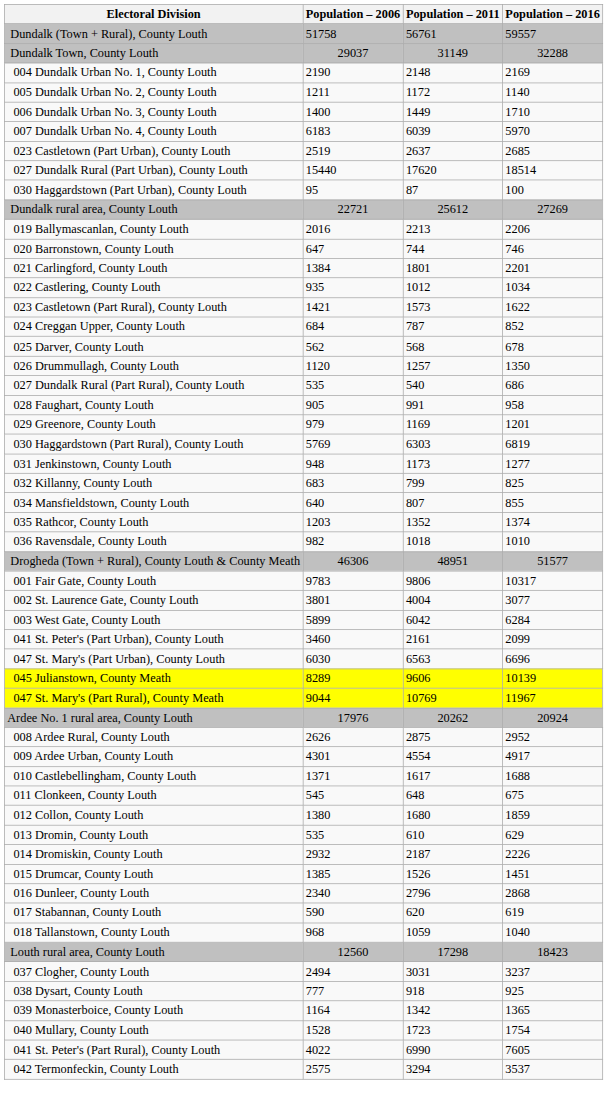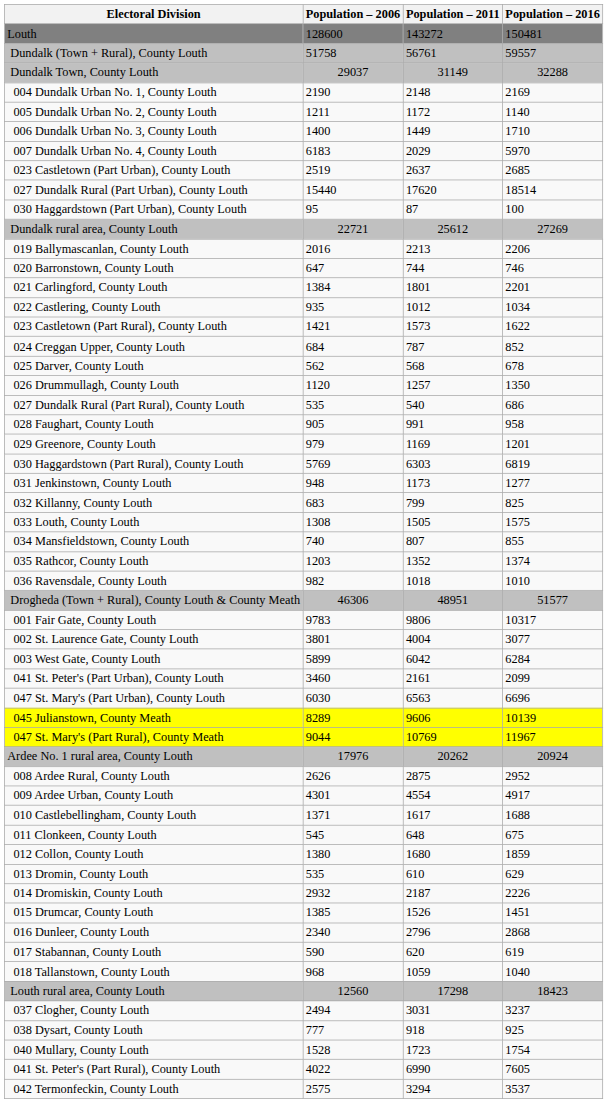 <table class="wikitable collapsible collapsed">
 <tr>
 <th align="left">Electoral Division</th>
 <th align="left">Population – 2006</th>
 <th align="left">Population – 2011</th>
 <th align="left">Population – 2016</th>
+</tr>
+<tr style="background: grey">
+<td>Louth</td>
+<td>128600</td>
+<td>143272</td>
+<td>150481</td>
 </tr>
 <tr style="background: silver">
 <td> Dundalk (Town + Rural), County Louth</td>
 <td>51758</td>
 <td>56761</td>
 <td>59557</td>
 </tr>
 <tr style="background: silver">
 <td> Dundalk Town, County Louth</td>
 <td align="center">29037</td>
 <td align="center">31149</td>
 <td align="center">32288</td>
 </tr>
 <tr>
 <td>  004 Dundalk Urban No. 1, County Louth</td>
 <td>2190</td>
 <td>2148</td>
 <td>2169</td>
 </tr>
 <tr>
 <td>  005 Dundalk Urban No. 2, County Louth</td>
 <td>1211</td>
 <td>1172</td>
 <td>1140</td>
 </tr>
 <tr>
 <td>  006 Dundalk Urban No. 3, County Louth</td>
 <td>1400</td>
 <td>1449</td>
 <td>1710</td>
 </tr>
 <tr>
 <td>  007 Dundalk Urban No. 4, County Louth</td>
 <td>6183</td>
-<td>6039</td>
+<td>2029</td>
 <td>5970</td>
 </tr>
 <tr>
 <td>  023 Castletown (Part Urban), County Louth</td>
 <td>2519</td>
 <td>2637</td>
 <td>2685</td>
 </tr>
 <tr>
 <td>  027 Dundalk Rural (Part Urban), County Louth</td>
 <td>15440</td>
 <td>17620</td>
 <td>18514</td>
 </tr>
 <tr>
 <td>  030 Haggardstown (Part Urban), County Louth</td>
 <td>95</td>
 <td>87</td>
 <td>100</td>
 </tr>
 <tr style="background: silver">
 <td> Dundalk rural area, County Louth</td>
 <td align="center">22721</td>
 <td align="center">25612</td>
 <td align="center">27269</td>
 </tr>
 <tr>
 <td>  019 Ballymascanlan, County Louth</td>
 <td>2016</td>
 <td>2213</td>
 <td>2206</td>
 </tr>
 <tr>
 <td>  020 Barronstown, County Louth</td>
 <td>647</td>
 <td>744</td>
 <td>746</td>
 </tr>
 <tr>
 <td>  021 Carlingford, County Louth</td>
 <td>1384</td>
 <td>1801</td>
 <td>2201</td>
 </tr>
 <tr>
 <td>  022 Castlering, County Louth</td>
 <td>935</td>
 <td>1012</td>
 <td>1034</td>
 </tr>
 <tr>
 <td>  023 Castletown (Part Rural), County Louth</td>
 <td>1421</td>
 <td>1573</td>
 <td>1622</td>
 </tr>
 <tr>
 <td>  024 Creggan Upper, County Louth</td>
 <td>684</td>
 <td>787</td>
 <td>852</td>
 </tr>
 <tr>
 <td>  025 Darver, County Louth</td>
 <td>562</td>
 <td>568</td>
 <td>678</td>
 </tr>
 <tr>
 <td>  026 Drummullagh, County Louth</td>
 <td>1120</td>
 <td>1257</td>
 <td>1350</td>
 </tr>
 <tr>
 <td>  027 Dundalk Rural (Part Rural), County Louth</td>
 <td>535</td>
 <td>540</td>
 <td>686</td>
 </tr>
 <tr>
 <td>  028 Faughart, County Louth</td>
 <td>905</td>
 <td>991</td>
 <td>958</td>
 </tr>
 <tr>
 <td>  029 Greenore, County Louth</td>
 <td>979</td>
 <td>1169</td>
 <td>1201</td>
 </tr>
 <tr>
 <td>  030 Haggardstown (Part Rural), County Louth</td>
 <td>5769</td>
 <td>6303</td>
 <td>6819</td>
 </tr>
 <tr>
 <td>  031 Jenkinstown, County Louth</td>
 <td>948</td>
 <td>1173</td>
 <td>1277</td>
 </tr>
 <tr>
 <td>  032 Killanny, County Louth</td>
 <td>683</td>
 <td>799</td>
 <td>825</td>
 </tr>
 <tr>
+<td>  033 Louth, County Louth</td>
+<td>1308</td>
+<td>1505</td>
+<td>1575</td>
+</tr>
+<tr>
 <td>  034 Mansfieldstown, County Louth</td>
-<td>640</td>
+<td>740</td>
 <td>807</td>
 <td>855</td>
 </tr>
 <tr>
 <td>  035 Rathcor, County Louth</td>
 <td>1203</td>
 <td>1352</td>
 <td>1374</td>
 </tr>
 <tr>
 <td>  036 Ravensdale, County Louth</td>
 <td>982</td>
 <td>1018</td>
 <td>1010</td>
 </tr>
 <tr style="background: silver">
 <td> Drogheda (Town + Rural), County Louth & County Meath</td>
 <td align="center">46306</td>
 <td align="center">48951</td>
 <td align="center">51577</td>
 </tr>
 <tr>
 <td>  001 Fair Gate, County Louth</td>
 <td>9783</td>
 <td>9806</td>
 <td>10317</td>
 </tr>
 <tr>
 <td>  002 St. Laurence Gate, County Louth</td>
 <td>3801</td>
 <td>4004</td>
 <td>3077</td>
 </tr>
 <tr>
 <td>  003 West Gate, County Louth</td>
 <td>5899</td>
 <td>6042</td>
 <td>6284</td>
 </tr>
 <tr>
 <td>  041 St. Peter's (Part Urban), County Louth</td>
 <td>3460</td>
 <td>2161</td>
 <td>2099</td>
 </tr>
 <tr>
 <td>  047 St. Mary's (Part Urban), County Louth</td>
 <td>6030</td>
 <td>6563</td>
 <td>6696</td>
 </tr>
 <tr style="background: yellow">
 <td>  045 Julianstown, County Meath</td>
 <td>8289</td>
 <td>9606</td>
 <td>10139</td>
 </tr>
 <tr style="background: yellow">
 <td>  047 St. Mary's (Part Rural), County Meath</td>
 <td>9044</td>
 <td>10769</td>
 <td>11967</td>
 </tr>
 <tr style="background: silver">
 <td>Ardee No. 1 rural area, County Louth</td>
 <td align="center">17976</td>
 <td align="center">20262</td>
 <td align="center">20924</td>
 </tr>
 <tr>
 <td>  008 Ardee Rural, County Louth</td>
 <td>2626</td>
 <td>2875</td>
 <td>2952</td>
 </tr>
 <tr>
 <td>  009 Ardee Urban, County Louth</td>
 <td>4301</td>
 <td>4554</td>
 <td>4917</td>
 </tr>
 <tr>
 <td>  010 Castlebellingham, County Louth</td>
 <td>1371</td>
 <td>1617</td>
 <td>1688</td>
 </tr>
 <tr>
 <td>  011 Clonkeen, County Louth</td>
 <td>545</td>
 <td>648</td>
 <td>675</td>
 </tr>
 <tr>
 <td>  012 Collon, County Louth</td>
 <td>1380</td>
 <td>1680</td>
 <td>1859</td>
 </tr>
 <tr>
 <td>  013 Dromin, County Louth</td>
 <td>535</td>
 <td>610</td>
 <td>629</td>
 </tr>
 <tr>
 <td>  014 Dromiskin, County Louth</td>
 <td>2932</td>
 <td>2187</td>
 <td>2226</td>
 </tr>
 <tr>
 <td>  015 Drumcar, County Louth</td>
 <td>1385</td>
 <td>1526</td>
 <td>1451</td>
 </tr>
 <tr>
 <td>  016 Dunleer, County Louth</td>
 <td>2340</td>
 <td>2796</td>
 <td>2868</td>
 </tr>
 <tr>
 <td>  017 Stabannan, County Louth</td>
 <td>590</td>
 <td>620</td>
 <td>619</td>
 </tr>
 <tr>
 <td>  018 Tallanstown, County Louth</td>
 <td>968</td>
 <td>1059</td>
 <td>1040</td>
 </tr>
 <tr style="background: silver">
 <td> Louth rural area, County Louth</td>
 <td align="center">12560</td>
 <td align="center">17298</td>
 <td align="center">18423</td>
 </tr>
 <tr>
 <td>  037 Clogher, County Louth</td>
 <td>2494</td>
 <td>3031</td>
 <td>3237</td>
 </tr>
 <tr>
 <td>  038 Dysart, County Louth</td>
 <td>777</td>
 <td>918</td>
 <td>925</td>
 </tr>
 <tr>
-<td>  039 Monasterboice, County Louth</td>
-<td>1164</td>
-<td>1342</td>
-<td>1365</td>
-</tr>
-<tr>
 <td>  040 Mullary, County Louth</td>
 <td>1528</td>
 <td>1723</td>
 <td>1754</td>
 </tr>
 <tr>
 <td>  041 St. Peter's (Part Rural), County Louth</td>
 <td>4022</td>
 <td>6990</td>
 <td>7605</td>
 </tr>
 <tr>
 <td>  042 Termonfeckin, County Louth</td>
 <td>2575</td>
 <td>3294</td>
 <td>3537</td>
 </tr>
 </table>
